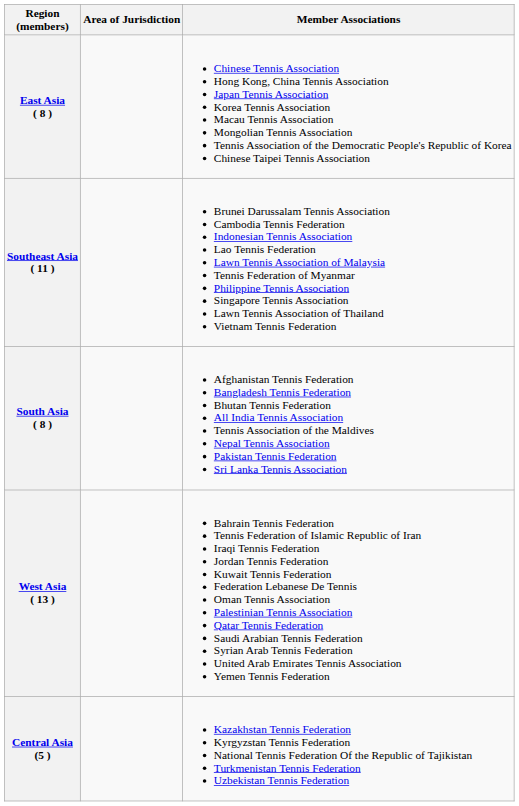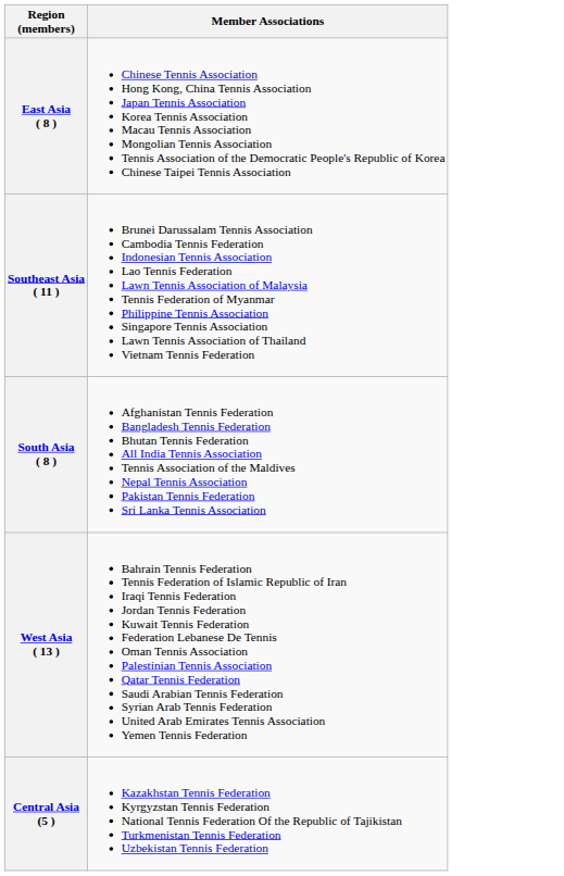 <table class="wikitable">
 <tr>
 <th>Region <br>(members)</th>
-<th>Area of Jurisdiction</th>
 <th>Member Associations</th>
 </tr>
 <tr>
 <th><a href='#'>East Asia</a> <br>( 8 )</th>
-<td><br> <br>  <br>  <br>  <br>  <br>  <br>  <br> </td>
 <td><br><ul><li><a href='#'>Chinese Tennis Association</a></li><li>Hong Kong, China Tennis Association</li><li><a href='#'>Japan Tennis Association</a></li><li>Korea Tennis Association</li><li>Macau Tennis Association</li><li>Mongolian Tennis Association</li><li>Tennis Association of the Democratic People's Republic of Korea</li><li>Chinese Taipei Tennis Association</li></ul></td>
 </tr>
 <tr>
 <th><a href='#'>Southeast Asia</a> <br>( 11 )</th>
-<td><br> <br>  <br>  <br>  <br>  <br>  <br>  <br>  <br>  <br>  <br> </td>
 <td><br><ul><li>Brunei Darussalam Tennis Association</li><li>Cambodia Tennis Federation</li><li><a href='#'>Indonesian Tennis Association</a></li><li>Lao Tennis Federation</li><li><a href='#'>Lawn Tennis Association of Malaysia</a></li><li>Tennis Federation of Myanmar</li><li><a href='#'>Philippine Tennis Association</a></li><li>Singapore Tennis Association</li><li>Lawn Tennis Association of Thailand</li><li>Vietnam Tennis Federation</li></ul></td>
 </tr>
 <tr>
 <th><a href='#'>South Asia</a> <br>( 8 )</th>
-<td><br> <br>  <br>  <br>  <br>  <br>  <br>  <br> </td>
 <td><br><ul><li>Afghanistan Tennis Federation</li><li><a href='#'>Bangladesh Tennis Federation</a></li><li>Bhutan Tennis Federation</li><li><a href='#'>All India Tennis Association</a></li><li>Tennis Association of the Maldives</li><li><a href='#'>Nepal Tennis Association</a></li><li><a href='#'>Pakistan Tennis Federation</a></li><li><a href='#'>Sri Lanka Tennis Association</a></li></ul></td>
 </tr>
 <tr>
 <th><a href='#'>West Asia</a> <br>( 13 )</th>
-<td><br> <br>  <br>  <br>  <br>  <br>  <br>  <br>  <br>  <br>  <br>  <br>  <br> </td>
 <td><br><ul><li>Bahrain Tennis Federation</li><li>Tennis Federation of Islamic Republic of Iran</li><li>Iraqi Tennis Federation</li><li>Jordan Tennis Federation</li><li>Kuwait Tennis Federation</li><li>Federation Lebanese De Tennis</li><li>Oman Tennis Association</li><li><a href='#'>Palestinian Tennis Association</a></li><li><a href='#'>Qatar Tennis Federation</a></li><li>Saudi Arabian Tennis Federation</li><li>Syrian Arab Tennis Federation</li><li>United Arab Emirates Tennis Association</li><li>Yemen Tennis Federation</li></ul></td>
 </tr>
 <tr>
 <th><a href='#'>Central Asia</a> <br>(5 )</th>
-<td><br> <br>  <br>  <br>  <br> </td>
 <td><br><ul><li><a href='#'>Kazakhstan Tennis Federation</a></li><li>Kyrgyzstan Tennis Federation</li><li>National Tennis Federation Of the Republic of Tajikistan</li><li><a href='#'>Turkmenistan Tennis Federation</a></li><li><a href='#'>Uzbekistan Tennis Federation</a></li></ul></td>
 </tr>
 </table>
